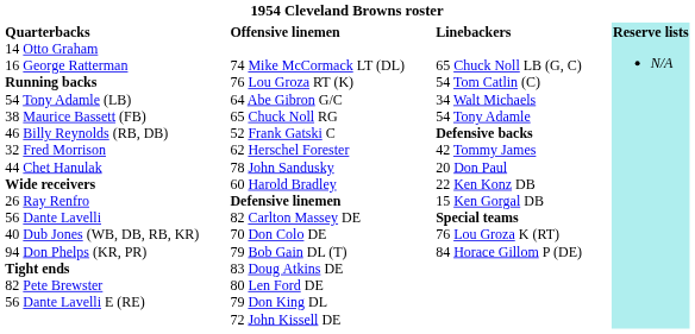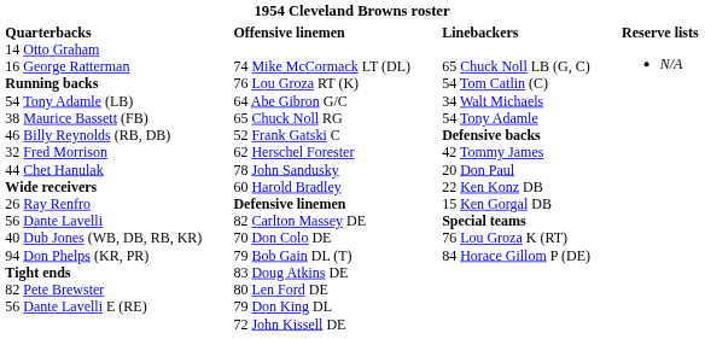 <table class="toccolours" style="text-align: left;">
 <tr>
 <th colspan="7" style="text-align:center;">1954 Cleveland Browns roster</th>
 </tr>
 <tr>
 <td style="font-size: 95%;" valign="top"><strong>Quarterbacks</strong><br>14 <a href='#'>Otto Graham</a><br>16 <a href='#'>George Ratterman</a><br><strong>Running backs</strong><br>54 <a href='#'>Tony Adamle</a> (LB)<br>38 <a href='#'>Maurice Bassett</a> (FB)<br>46 <a href='#'>Billy Reynolds</a> (RB, DB)<br>32 <a href='#'>Fred Morrison</a><br>44 <a href='#'>Chet Hanulak</a><br><strong>Wide receivers</strong><br>26 <a href='#'>Ray Renfro</a><br>56 <a href='#'>Dante Lavelli</a><br>40 <a href='#'>Dub Jones</a> (WB, DB, RB, KR)<br>94 <a href='#'>Don Phelps</a> (KR, PR)<br><strong>Tight ends</strong><br>82  <a href='#'>Pete Brewster</a> <br>56 <a href='#'>Dante Lavelli</a> E (RE)</td>
 <td style="width: 25px;"></td>
 <td style="font-size: 95%;" valign="top"><strong>Offensive linemen</strong><br><br>74 <a href='#'>Mike McCormack</a> LT (DL)<br>76 <a href='#'>Lou Groza</a> RT (K)<br> 64 <a href='#'>Abe Gibron</a> G/C<br>65 <a href='#'>Chuck Noll</a> RG <br>52 <a href='#'>Frank Gatski</a> C <br>62 <a href='#'>Herschel Forester</a><br>78 <a href='#'>John Sandusky</a><br>60 <a href='#'>Harold Bradley</a><br><strong>Defensive linemen</strong><br>82 <a href='#'>Carlton Massey</a> DE <br>70 <a href='#'>Don Colo</a> DE<br>79 <a href='#'>Bob Gain</a> DL (T)<br>83 <a href='#'>Doug Atkins</a> DE<br>80 <a href='#'>Len Ford</a> DE<br>79 <a href='#'>Don King</a> DL <br>72 <a href='#'>John Kissell</a> DE <br></td>
 <td style="width: 25px;"></td>
 <td style="font-size: 95%;" valign="top"><strong>Linebackers</strong><br><br>65 <a href='#'>Chuck Noll</a> LB (G, C)<br>54 <a href='#'>Tom Catlin</a> (C)<br>34 <a href='#'>Walt Michaels</a><br>54 <a href='#'>Tony Adamle</a><br><strong>Defensive backs</strong><br>42 <a href='#'>Tommy James</a> <br>20 <a href='#'>Don Paul</a><br>22 <a href='#'>Ken Konz</a> DB<br>15 <a href='#'>Ken Gorgal</a> DB<br><strong>Special teams</strong><br>76 <a href='#'>Lou Groza</a> K (RT)<br> 84 <a href='#'>Horace Gillom</a> P (DE)<br></td>
 <td style="width: 25px;"></td>
-<td style="background: paleturquoise; font-size: 95%;" valign="top"><strong>Reserve lists</strong><br><ul><li><em>N/A</em></li></ul></td>
+<td style="font-size: 95%;" valign="top"><strong>Reserve lists</strong><br><ul><li><em>N/A</em></li></ul></td>
 </tr>
 <tr>
 </tr>
 </table>
